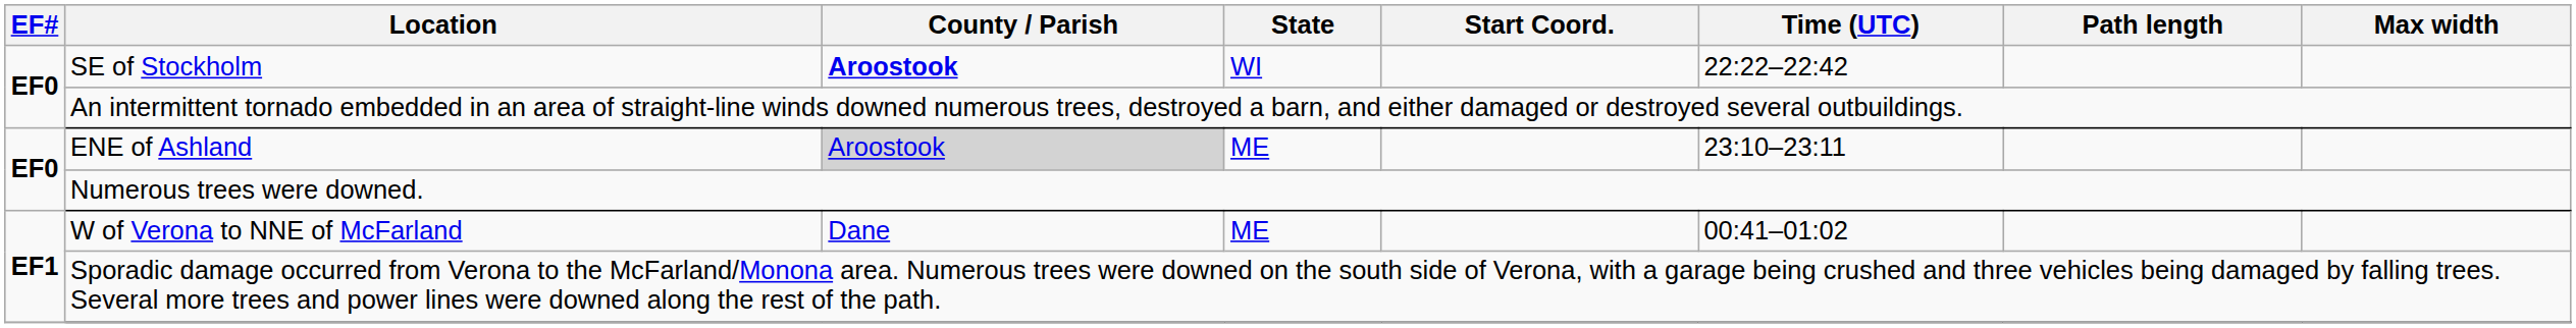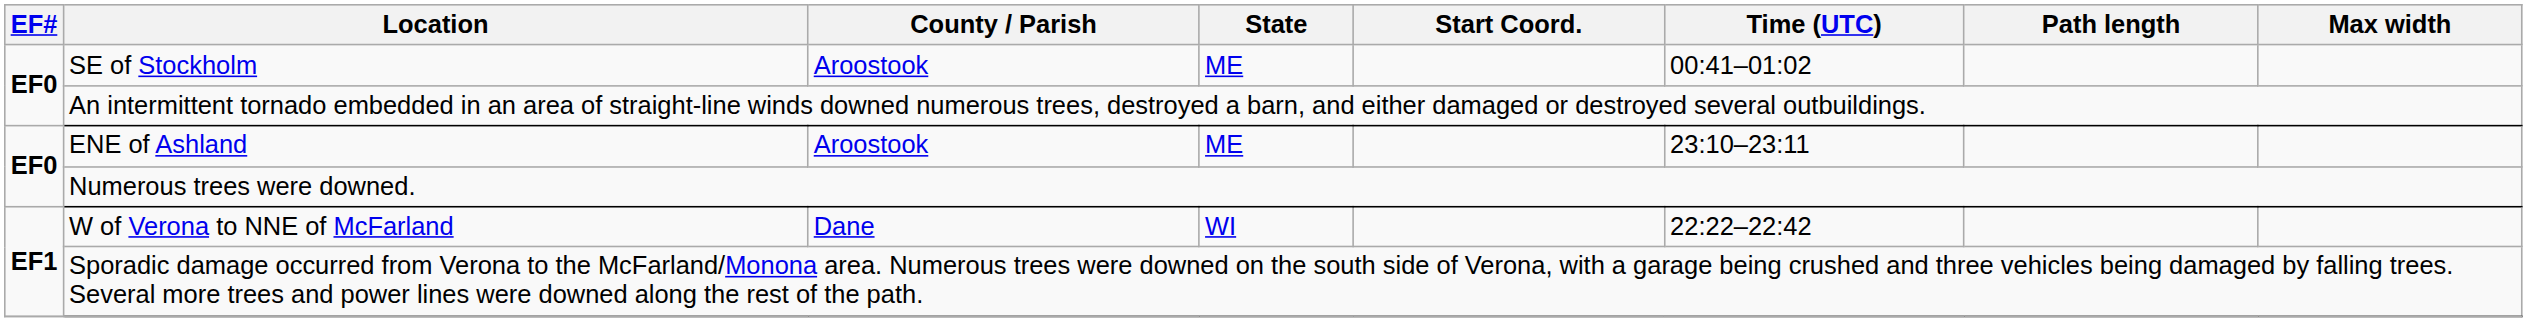 <table class="wikitable sortable" style="width:100%;">
 <tr>
 <th scope="col" width="2%" align="center"><a href='#'>EF#</a></th>
 <th scope="col" align="center" class="unsortable">Location</th>
 <th scope="col" align="center" class="unsortable">County / Parish</th>
 <th scope="col" align="center">State</th>
 <th scope="col" align="center" data-sort-type="number">Start Coord.</th>
 <th scope="col" align="center" data-sort-type="number">Time (<a href='#'>UTC</a>)</th>
 <th scope="col" align="center" data-sort-type="number">Path length</th>
 <th scope="col" align="center" data-sort-type="number">Max width</th>
 </tr>
 <tr>
 <td rowspan="2" align="center"><strong>EF0</strong></td>
 <td>SE of <a href='#'>Stockholm</a></td>
-<td><strong><a href='#'>Aroostook</a></strong></td>
-<td><a href='#'>WI</a></td>
+<td><a href='#'>Aroostook</a></td>
+<td><a href='#'>ME</a></td>
 <td></td>
-<td>22:22–22:42</td>
+<td>00:41–01:02</td>
 <td></td>
 <td></td>
 </tr>
 <tr class="expand-child">
 <td colspan="8" style=" border-bottom: 1px solid black;">An intermittent tornado embedded in an area of straight-line winds downed numerous trees, destroyed a barn, and either damaged or destroyed several outbuildings.</td>
 </tr>
 <tr>
 <td rowspan="2" align="center"><strong>EF0</strong></td>
 <td>ENE of <a href='#'>Ashland</a></td>
-<td style="background: lightgrey;"><a href='#'>Aroostook</a></td>
+<td><a href='#'>Aroostook</a></td>
 <td><a href='#'>ME</a></td>
 <td></td>
 <td>23:10–23:11</td>
 <td></td>
 <td></td>
 </tr>
 <tr class="expand-child">
 <td colspan="8" style=" border-bottom: 1px solid black;">Numerous trees were downed.</td>
 </tr>
 <tr>
 <td rowspan="2" align="center"><strong>EF1</strong></td>
 <td>W of <a href='#'>Verona</a> to NNE of <a href='#'>McFarland</a></td>
 <td><a href='#'>Dane</a></td>
-<td><a href='#'>ME</a></td>
+<td><a href='#'>WI</a></td>
 <td></td>
-<td>00:41–01:02</td>
+<td>22:22–22:42</td>
 <td></td>
 <td></td>
 </tr>
 <tr class="expand-child">
 <td colspan="8" style=" border-bottom: 1px solid black;">Sporadic damage occurred from Verona to the McFarland/<a href='#'>Monona</a> area. Numerous trees were downed on the south side of Verona, with a garage being crushed and three vehicles being damaged by falling trees. Several more trees and power lines were downed along the rest of the path.</td>
 </tr>
 <tr>
 </tr>
 </table>
